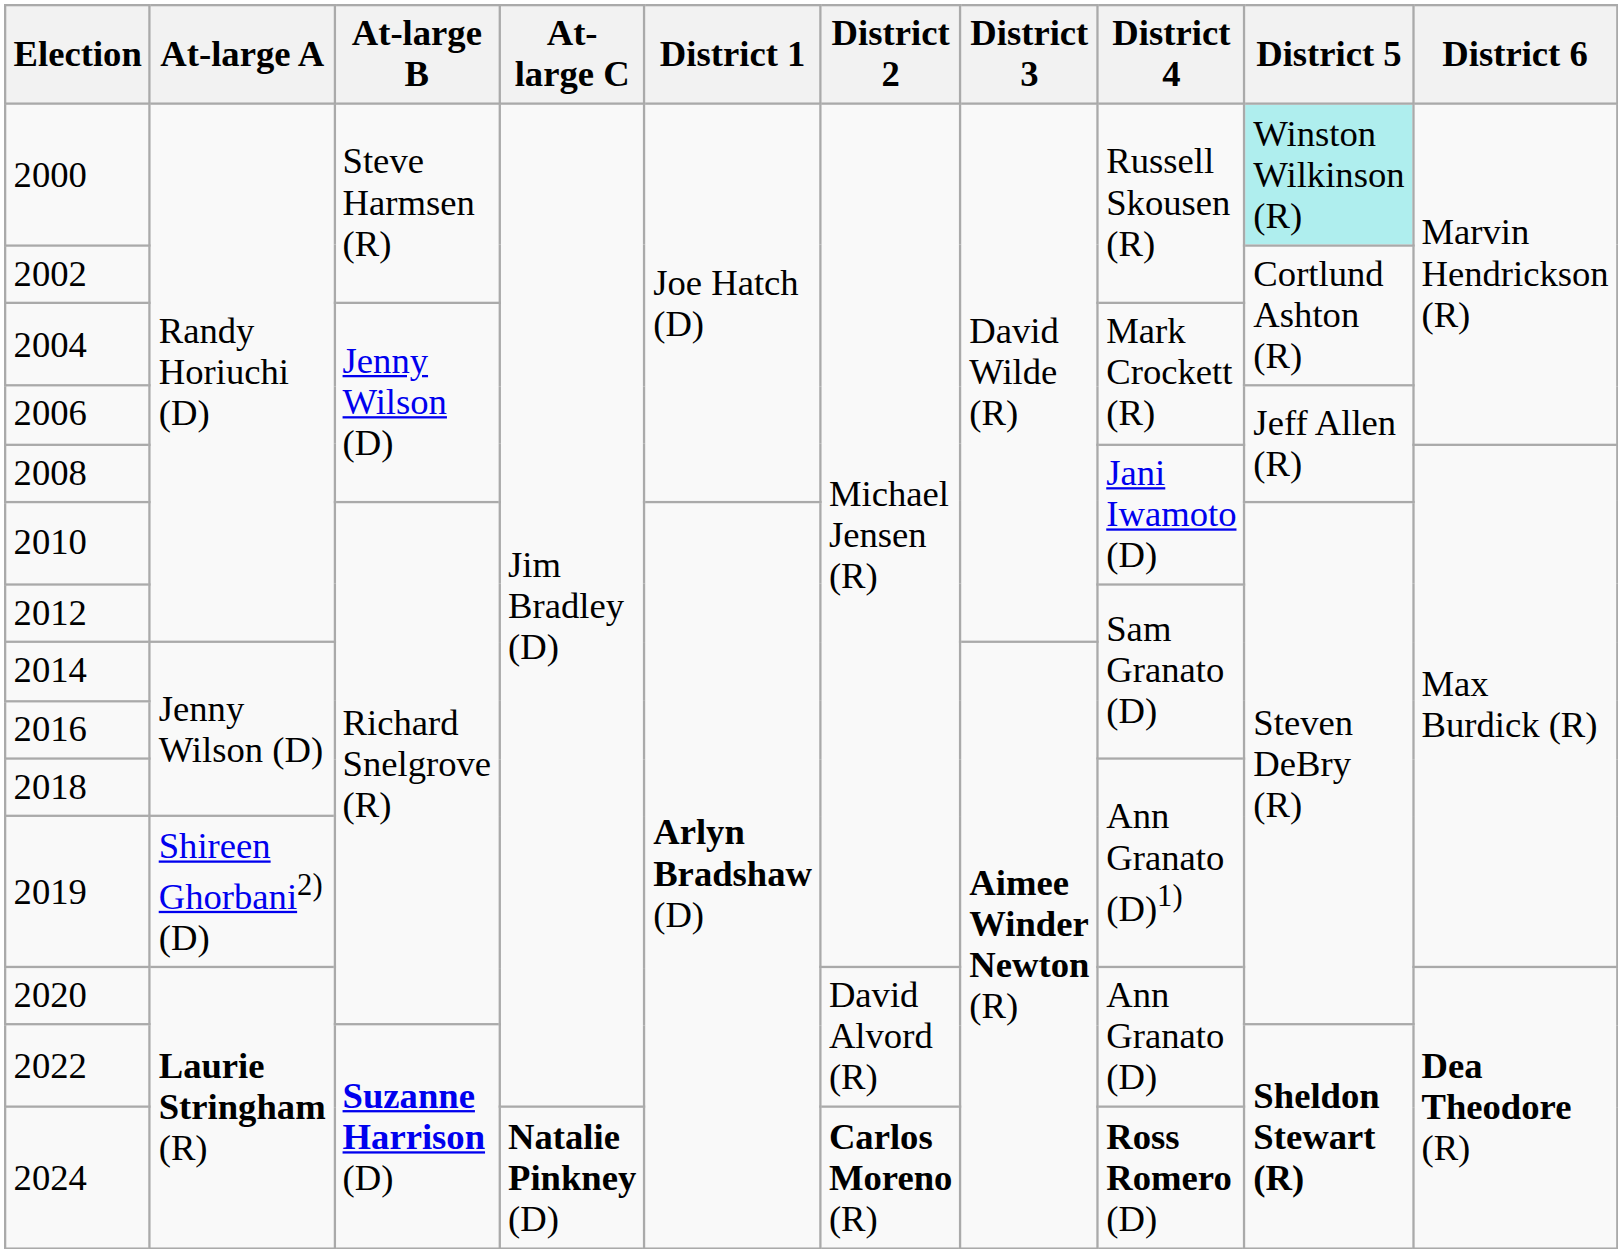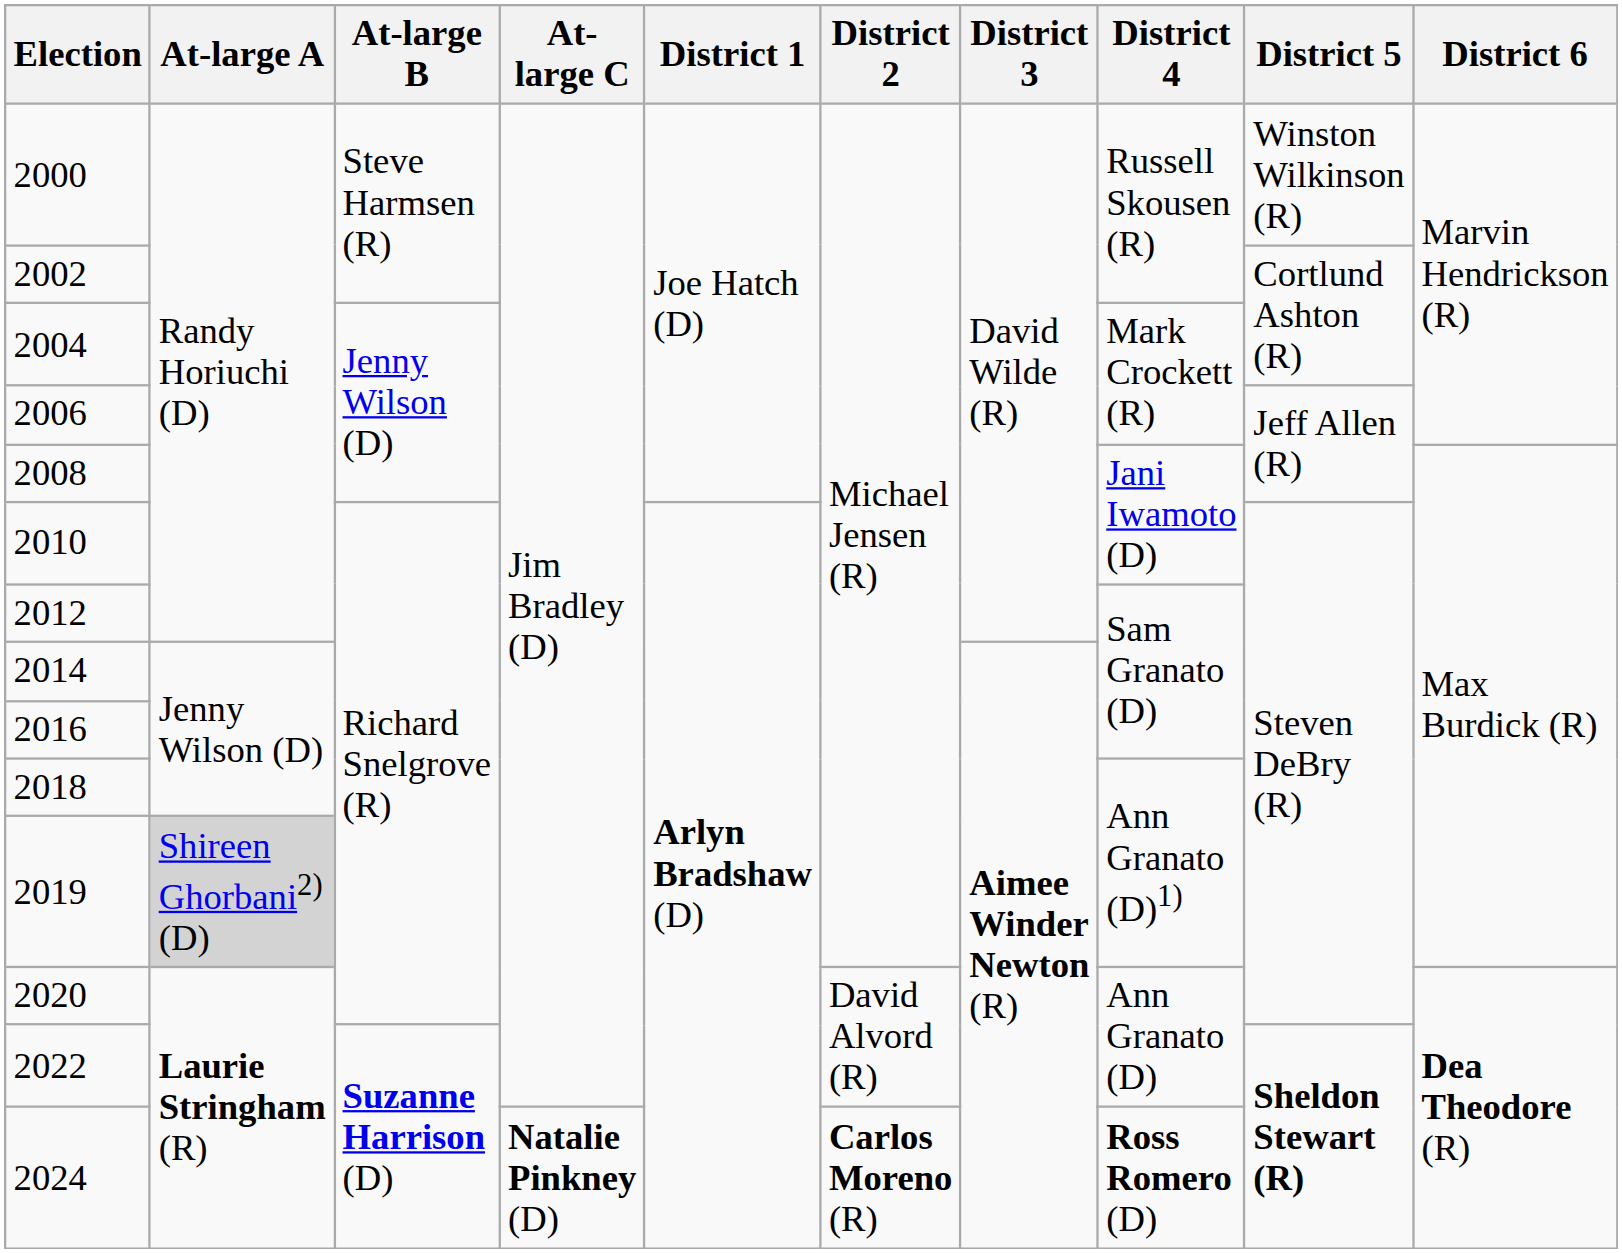 <table class="wikitable">
 <tr>
 <th>Election</th>
 <th>At-large A</th>
 <th>At-large B</th>
 <th>At-large C</th>
 <th>District 1</th>
 <th>District 2</th>
 <th>District 3</th>
 <th>District 4</th>
 <th>District 5</th>
 <th>District 6</th>
 </tr>
 <tr>
 <td>2000</td>
 <td rowspan="7">Randy Horiuchi (D)</td>
 <td rowspan="2">Steve Harmsen (R)</td>
 <td rowspan="13">Jim Bradley (D)</td>
 <td rowspan="5">Joe Hatch (D)</td>
 <td rowspan="11">Michael Jensen (R)</td>
 <td rowspan="7">David Wilde (R)</td>
 <td rowspan="2">Russell Skousen (R)</td>
-<td style="background: paleturquoise;">Winston Wilkinson (R)</td>
+<td>Winston Wilkinson (R)</td>
 <td rowspan="4">Marvin Hendrickson (R)</td>
 </tr>
 <tr>
 <td>2002</td>
 <td rowspan="2">Cortlund Ashton (R)</td>
 </tr>
 <tr>
 <td>2004</td>
 <td rowspan="3"><a href='#'>Jenny Wilson</a> (D)</td>
 <td rowspan="2">Mark Crockett (R)</td>
 </tr>
 <tr>
 <td>2006</td>
 <td rowspan="2">Jeff Allen (R)</td>
 </tr>
 <tr>
 <td>2008</td>
 <td rowspan="2"><a href='#'>Jani Iwamoto</a> (D)</td>
 <td rowspan="7">Max Burdick (R)</td>
 </tr>
 <tr>
 <td>2010</td>
 <td rowspan="7">Richard Snelgrove (R)</td>
 <td rowspan="9"><strong>Arlyn Bradshaw</strong> (D)</td>
 <td rowspan="7">Steven DeBry (R)</td>
 </tr>
 <tr>
 <td>2012</td>
 <td rowspan="3">Sam Granato (D)</td>
 </tr>
 <tr>
 <td>2014</td>
 <td rowspan="3">Jenny Wilson (D)</td>
 <td rowspan="7"><strong>Aimee Winder Newton</strong> (R)</td>
 </tr>
 <tr>
 <td>2016</td>
 </tr>
 <tr>
 <td>2018</td>
 <td rowspan="2">Ann Granato (D)<sup>1)</sup></td>
 </tr>
 <tr>
 <td>2019</td>
-<td><a href='#'>Shireen Ghorbani</a><sup>2)</sup> (D)</td>
+<td style="background: lightgrey;"><a href='#'>Shireen Ghorbani</a><sup>2)</sup> (D)</td>
 </tr>
 <tr>
 <td>2020</td>
 <td rowspan="3"><strong>Laurie Stringham</strong> (R)</td>
 <td rowspan="2">David Alvord (R)</td>
 <td rowspan="2">Ann Granato (D)</td>
 <td rowspan="3"><strong>Dea Theodore</strong> (R)</td>
 </tr>
 <tr>
 <td>2022</td>
 <td rowspan="2"><strong><a href='#'>Suzanne Harrison</a></strong> (D)</td>
 <td rowspan="2"><strong>Sheldon Stewart (R)</strong></td>
 </tr>
 <tr>
 <td>2024</td>
 <td><strong>Natalie Pinkney</strong> (D)</td>
 <td><strong>Carlos Moreno</strong> (R)</td>
 <td><strong>Ross Romero</strong> (D)</td>
 </tr>
 </table>
